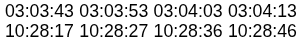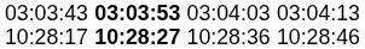 <table align="center">
 <tr>
 <td></td>
 <td></td>
 <td></td>
 <td></td>
 </tr>
 <tr align="center" style="font-size:smaller;">
 <td>03:03:43<br>10:28:17</td>
-<td>03:03:53<br>10:28:27</td>
+<td><strong>03:03:53<br>10:28:27</strong></td>
 <td>03:04:03<br>10:28:36</td>
 <td>03:04:13<br>10:28:46</td>
 </tr>
 </table>
